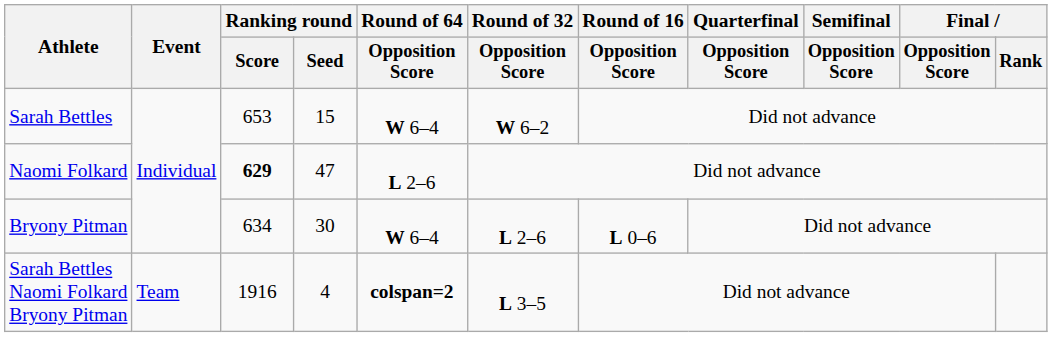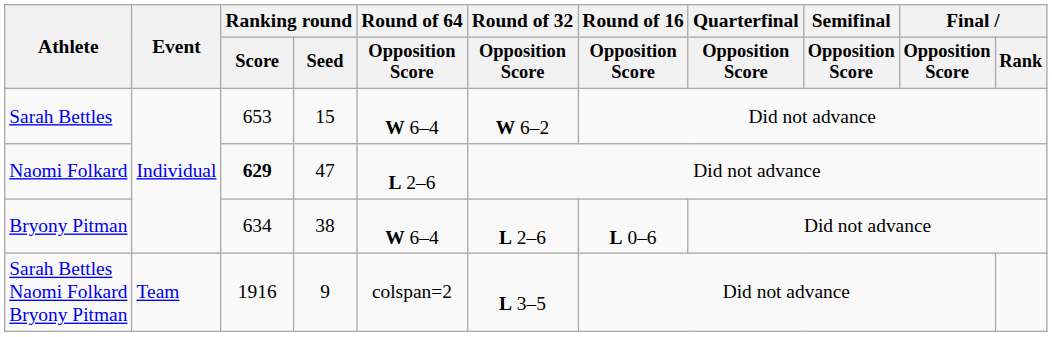 <table class=wikitable style="font-size:90%; text-align:center;">
 <tr>
 <th rowspan=2>Athlete</th>
 <th rowspan=2>Event</th>
 <th colspan=2>Ranking round</th>
 <th>Round of 64</th>
 <th>Round of 32</th>
 <th>Round of 16</th>
 <th>Quarterfinal</th>
 <th>Semifinal</th>
 <th colspan=2>Final / </th>
 </tr>
 <tr style=font-size:95%>
 <th>Score</th>
 <th>Seed</th>
 <th>Opposition<br>Score</th>
 <th>Opposition<br>Score</th>
 <th>Opposition<br>Score</th>
 <th>Opposition<br>Score</th>
 <th>Opposition<br>Score</th>
 <th>Opposition<br>Score</th>
 <th>Rank</th>
 </tr>
 <tr>
 <td align=left><a href='#'>Sarah Bettles</a></td>
 <td align=left rowspan=3><a href='#'>Individual</a></td>
 <td>653</td>
 <td>15</td>
 <td><br><strong>W</strong> 6–4</td>
 <td><br><strong>W</strong> 6–2</td>
 <td colspan=5>Did not advance</td>
 </tr>
 <tr>
 <td align=left><a href='#'>Naomi Folkard</a></td>
 <td><strong>629</strong></td>
 <td>47</td>
 <td><br><strong>L</strong> 2–6</td>
 <td colspan=6>Did not advance</td>
 </tr>
 <tr>
 <td align=left><a href='#'>Bryony Pitman</a></td>
 <td>634</td>
-<td>30</td>
+<td>38</td>
 <td><br><strong>W</strong> 6–4</td>
 <td><br><strong>L</strong> 2–6</td>
 <td><br><strong>L</strong> 0–6</td>
 <td colspan=4>Did not advance</td>
 </tr>
 <tr>
 <td align=left><a href='#'>Sarah Bettles</a><br><a href='#'>Naomi Folkard</a><br><a href='#'>Bryony Pitman</a></td>
 <td align=left><a href='#'>Team</a></td>
 <td>1916</td>
-<td>4</td>
-<td><strong>colspan=2 </strong></td>
+<td>9</td>
+<td>colspan=2 </td>
 <td><br><strong>L</strong> 3–5</td>
 <td colspan=4>Did not advance</td>
 </tr>
 </table>
